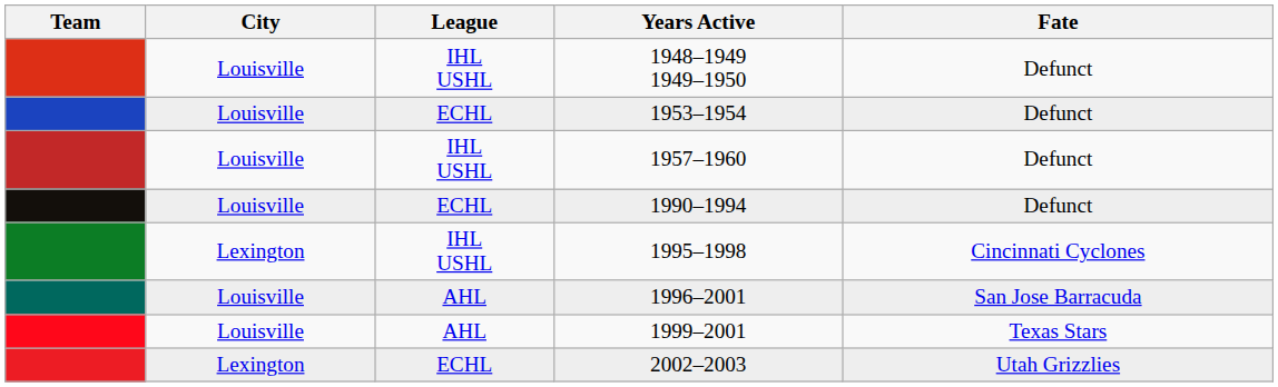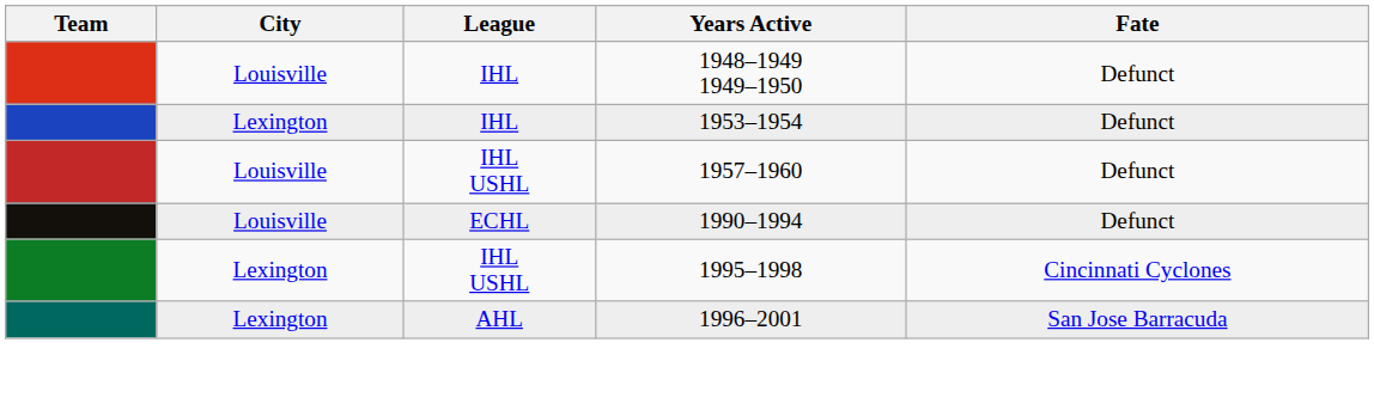 <table class="wikitable sortable" width="60%">
 <tr>
 <th>Team</th>
 <th>City</th>
 <th>League</th>
 <th>Years Active</th>
 <th>Fate</th>
 </tr>
 <tr align=center>
 <td style="color:white; background:#dd2f16; "><strong><a href='#'></a></strong></td>
 <td><a href='#'>Louisville</a></td>
-<td><a href='#'>IHL</a><br><a href='#'>USHL</a></td>
+<td><a href='#'>IHL</a></td>
 <td>1948–1949<br>1949–1950</td>
 <td>Defunct</td>
 </tr>
 <tr align=center bgcolor=eeeeee>
 <td style="color:white; background:#1b43bf; "><strong><a href='#'></a></strong></td>
-<td><a href='#'>Louisville</a></td>
-<td><a href='#'>ECHL</a></td>
+<td><a href='#'>Lexington</a></td>
+<td><a href='#'>IHL</a></td>
 <td>1953–1954</td>
 <td>Defunct</td>
 </tr>
 <tr align=center>
 <td style="color:white; background:#c22828; "><strong><a href='#'></a></strong></td>
 <td><a href='#'>Louisville</a></td>
 <td><a href='#'>IHL</a><br><a href='#'>USHL</a></td>
 <td>1957–1960</td>
 <td>Defunct</td>
 </tr>
 <tr align=center bgcolor=eeeeee>
 <td style="color:white; background:#130f0b; "><strong><a href='#'></a></strong></td>
 <td><a href='#'>Louisville</a></td>
 <td><a href='#'>ECHL</a></td>
 <td>1990–1994</td>
 <td>Defunct</td>
 </tr>
 <tr align=center>
 <td style="color:white; background:#0c7d25; "><strong><a href='#'></a></strong></td>
 <td><a href='#'>Lexington</a></td>
 <td><a href='#'>IHL</a><br><a href='#'>USHL</a></td>
 <td>1995–1998</td>
 <td><a href='#'>Cincinnati Cyclones</a></td>
 </tr>
 <tr align=center bgcolor=eeeeee>
 <td style="color:white; background:#00685E; "><strong><a href='#'></a></strong></td>
-<td><a href='#'>Louisville</a></td>
+<td><a href='#'>Lexington</a></td>
 <td><a href='#'>AHL</a></td>
 <td>1996–2001</td>
 <td><a href='#'>San Jose Barracuda</a></td>
 </tr>
-<tr align=center>
-<td style="color:white; background:#ff071a; "><strong><a href='#'></a></strong></td>
-<td><a href='#'>Louisville</a></td>
-<td><a href='#'>AHL</a></td>
-<td>1999–2001</td>
-<td><a href='#'>Texas Stars</a></td>
-</tr>
-<tr align=center bgcolor=eeeeee>
-<td style="color:white; background:#ed1c24; "><strong><a href='#'></a></strong></td>
-<td><a href='#'>Lexington</a></td>
-<td><a href='#'>ECHL</a></td>
-<td>2002–2003</td>
-<td><a href='#'>Utah Grizzlies</a></td>
-</tr>
 </table>
